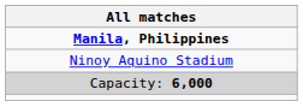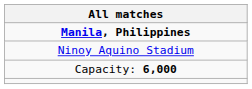 <table class="wikitable" style="text-align:center" width=280>
 <tr>
 <th>All matches</th>
 </tr>
 <tr>
 <td><strong><a href='#'>Manila</a>, Philippines</strong></td>
 </tr>
 <tr>
 <td><a href='#'>Ninoy Aquino Stadium</a></td>
 </tr>
 <tr>
-<td style="background: lightgrey;">Capacity: <strong>6,000</strong></td>
+<td>Capacity: <strong>6,000</strong></td>
 </tr>
 <tr>
 <td></td>
 </tr>
 </table>
